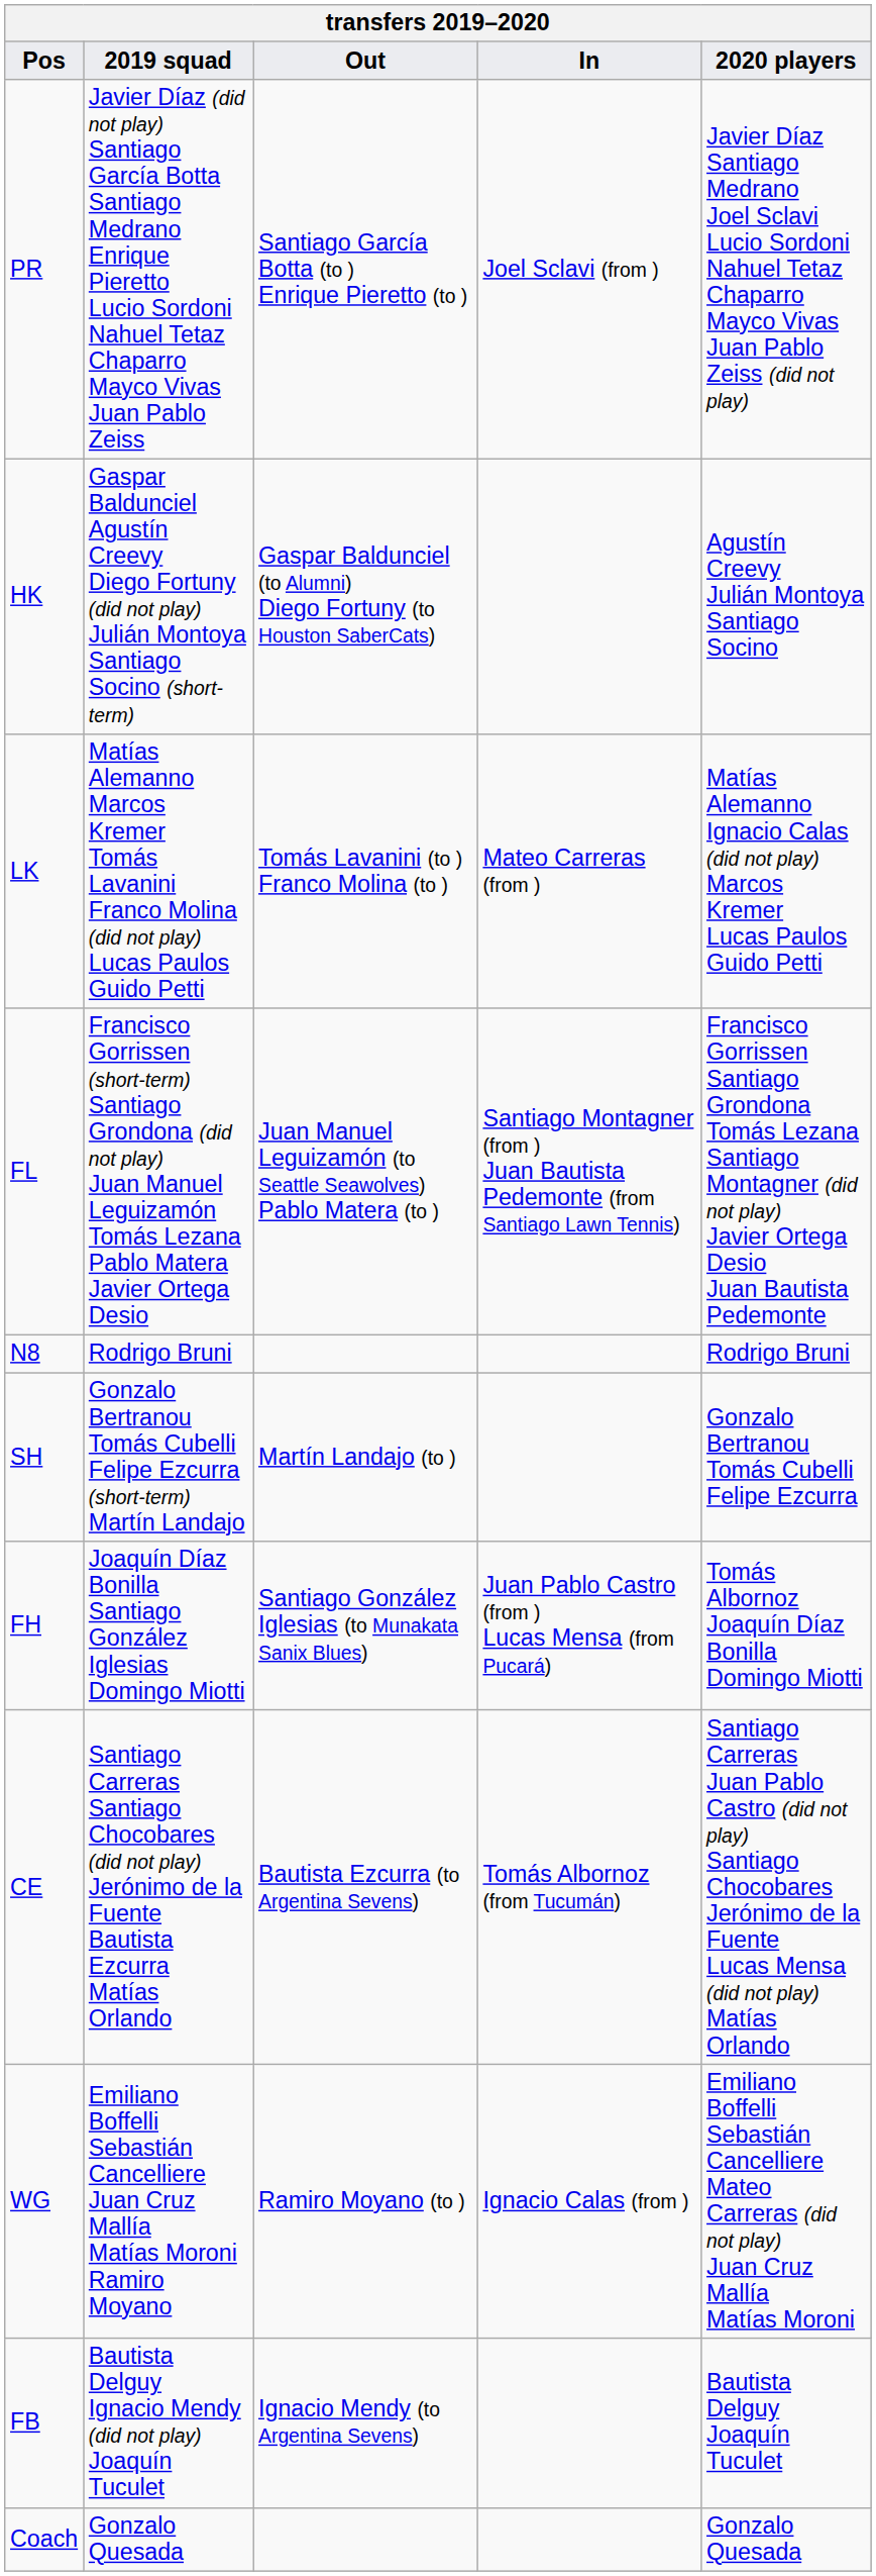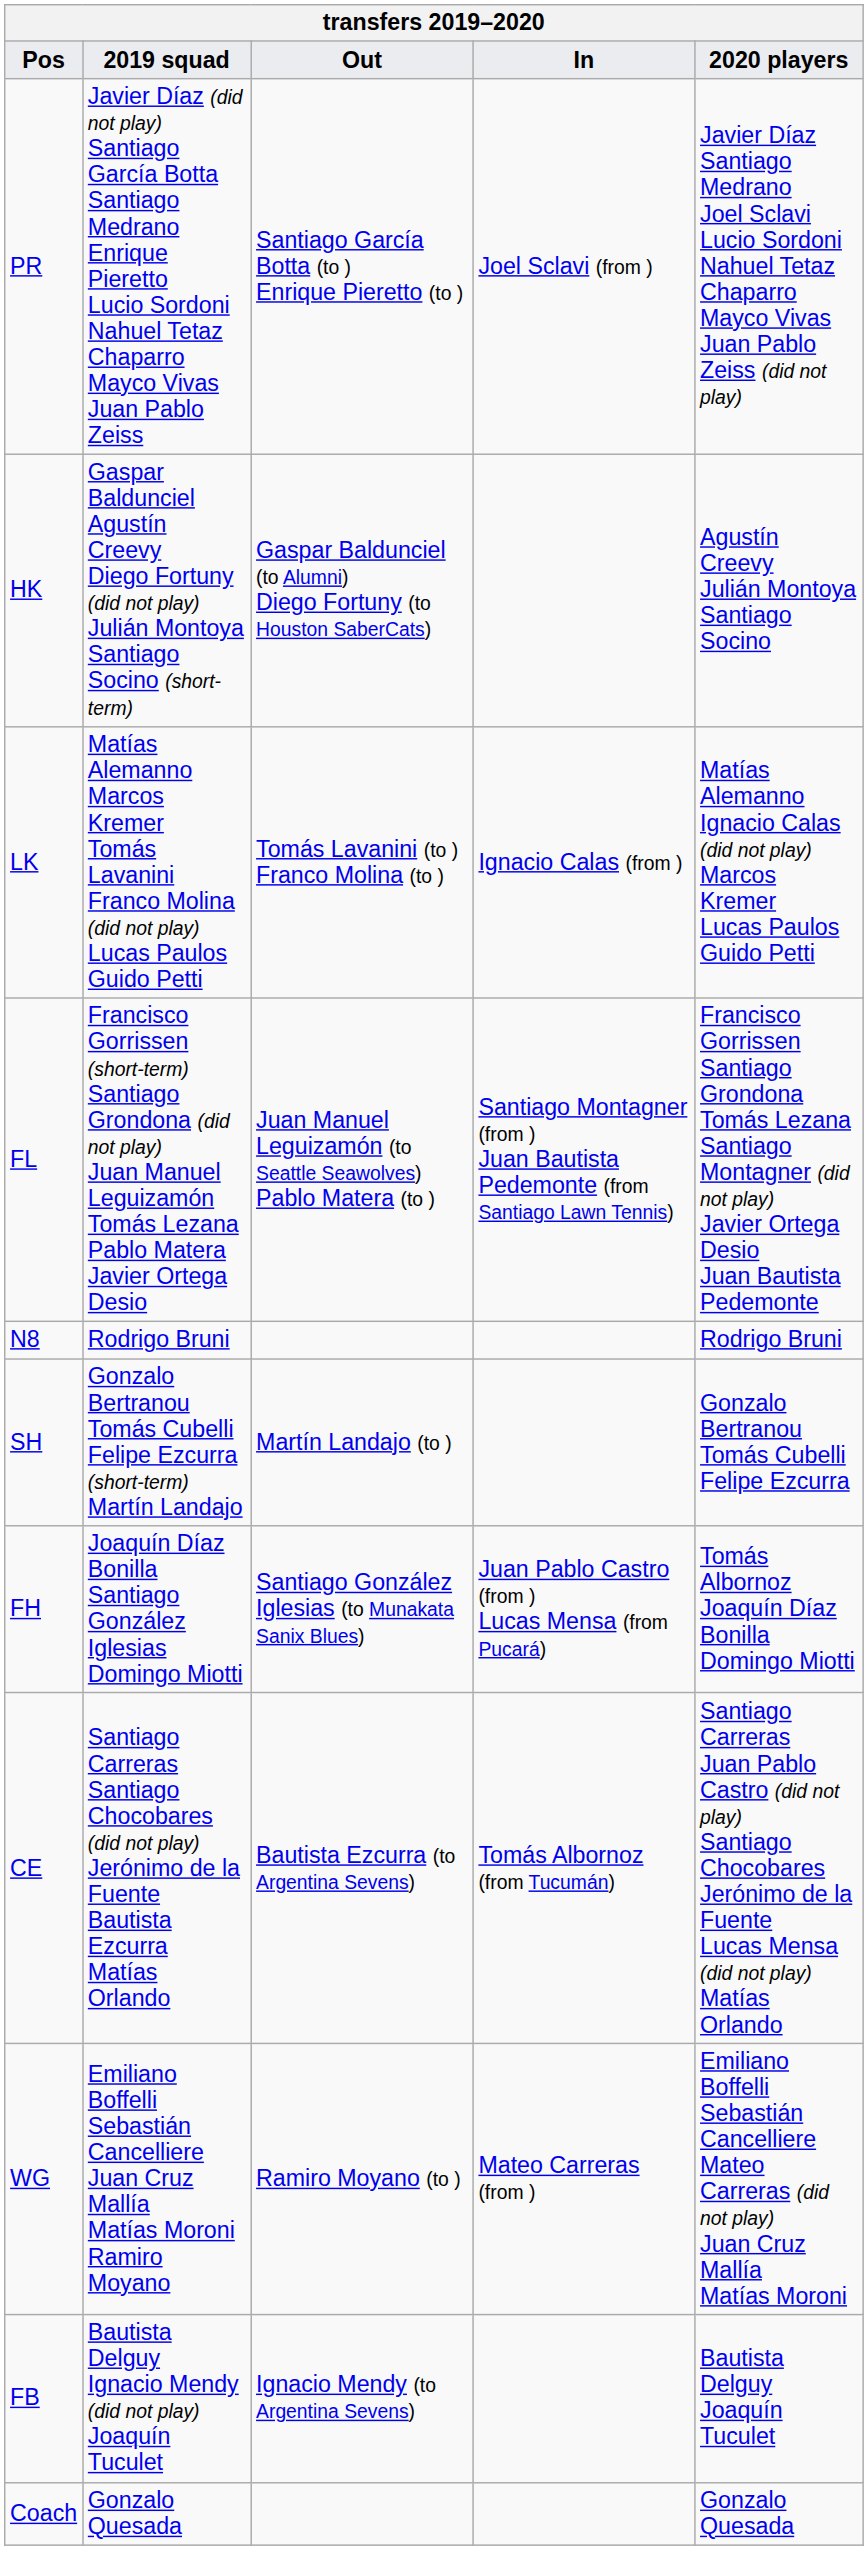 <table class="wikitable" style="text-align: left; width:95%">
 <tr>
 <th colspan="100%"> transfers 2019–2020</th>
 </tr>
 <tr>
 <th style="background:#ebecf0; width:6%;">Pos</th>
 <th style="background:#ebecf0; width:20%;">2019 squad</th>
 <th style="background:#ebecf0; width:27%;">Out</th>
 <th style="background:#ebecf0; width:27%;">In</th>
 <th style="background:#ebecf0; width:20%;">2020 players</th>
 </tr>
 <tr>
 <td><a href='#'>PR</a></td>
 <td> <a href='#'>Javier Díaz</a> <small><em>(did not play)</em></small> <br> <a href='#'>Santiago García Botta</a> <br> <a href='#'>Santiago Medrano</a> <br> <a href='#'>Enrique Pieretto</a> <br> <a href='#'>Lucio Sordoni</a> <br> <a href='#'>Nahuel Tetaz Chaparro</a> <br> <a href='#'>Mayco Vivas</a> <br> <a href='#'>Juan Pablo Zeiss</a></td>
 <td>  <a href='#'>Santiago García Botta</a> <small>(to )</small> <br>  <a href='#'>Enrique Pieretto</a> <small>(to )</small></td>
 <td>  <a href='#'>Joel Sclavi</a> <small>(from )</small></td>
 <td> <a href='#'>Javier Díaz</a> <br> <a href='#'>Santiago Medrano</a> <br> <a href='#'>Joel Sclavi</a> <br> <a href='#'>Lucio Sordoni</a> <br> <a href='#'>Nahuel Tetaz Chaparro</a> <br> <a href='#'>Mayco Vivas</a> <br> <a href='#'>Juan Pablo Zeiss</a> <small><em>(did not play)</em></small></td>
 </tr>
 <tr>
 <td><a href='#'>HK</a></td>
 <td> <a href='#'>Gaspar Baldunciel</a> <br> <a href='#'>Agustín Creevy</a> <br> <a href='#'>Diego Fortuny</a> <small><em>(did not play)</em></small> <br> <a href='#'>Julián Montoya</a> <br> <a href='#'>Santiago Socino</a> <small><em>(short-term)</em></small></td>
 <td>  <a href='#'>Gaspar Baldunciel</a> <small>(to <a href='#'>Alumni</a>)</small> <br>  <a href='#'>Diego Fortuny</a> <small>(to  <a href='#'>Houston SaberCats</a>)</small></td>
 <td></td>
 <td> <a href='#'>Agustín Creevy</a> <br> <a href='#'>Julián Montoya</a> <br> <a href='#'>Santiago Socino</a></td>
 </tr>
 <tr>
 <td><a href='#'>LK</a></td>
 <td> <a href='#'>Matías Alemanno</a> <br> <a href='#'>Marcos Kremer</a> <br> <a href='#'>Tomás Lavanini</a> <br> <a href='#'>Franco Molina</a> <small><em>(did not play)</em></small> <br> <a href='#'>Lucas Paulos</a> <br> <a href='#'>Guido Petti</a></td>
 <td>  <a href='#'>Tomás Lavanini</a> <small>(to )</small> <br>  <a href='#'>Franco Molina</a> <small>(to )</small></td>
-<td>  <a href='#'>Mateo Carreras</a> <small>(from )</small></td>
+<td>  <a href='#'>Ignacio Calas</a> <small>(from )</small></td>
 <td> <a href='#'>Matías Alemanno</a> <br> <a href='#'>Ignacio Calas</a> <small><em>(did not play)</em></small> <br> <a href='#'>Marcos Kremer</a> <br> <a href='#'>Lucas Paulos</a> <br> <a href='#'>Guido Petti</a></td>
 </tr>
 <tr>
 <td><a href='#'>FL</a></td>
 <td> <a href='#'>Francisco Gorrissen</a> <small><em>(short-term)</em></small> <br> <a href='#'>Santiago Grondona</a> <small><em>(did not play)</em></small> <br> <a href='#'>Juan Manuel Leguizamón</a> <br> <a href='#'>Tomás Lezana</a> <br> <a href='#'>Pablo Matera</a> <br> <a href='#'>Javier Ortega Desio</a></td>
 <td>  <a href='#'>Juan Manuel Leguizamón</a> <small>(to  <a href='#'>Seattle Seawolves</a>)</small> <br>  <a href='#'>Pablo Matera</a> <small>(to )</small></td>
 <td>  <a href='#'>Santiago Montagner</a> <small>(from )</small> <br>  <a href='#'>Juan Bautista Pedemonte</a> <small>(from <a href='#'>Santiago Lawn Tennis</a>)</small></td>
 <td> <a href='#'>Francisco Gorrissen</a> <br> <a href='#'>Santiago Grondona</a> <br> <a href='#'>Tomás Lezana</a> <br> <a href='#'>Santiago Montagner</a> <small><em>(did not play)</em></small> <br> <a href='#'>Javier Ortega Desio</a> <br> <a href='#'>Juan Bautista Pedemonte</a></td>
 </tr>
 <tr>
 <td><a href='#'>N8</a></td>
 <td> <a href='#'>Rodrigo Bruni</a></td>
 <td></td>
 <td></td>
 <td> <a href='#'>Rodrigo Bruni</a></td>
 </tr>
 <tr>
 <td><a href='#'>SH</a></td>
 <td> <a href='#'>Gonzalo Bertranou</a> <br> <a href='#'>Tomás Cubelli</a> <br> <a href='#'>Felipe Ezcurra</a> <small><em>(short-term)</em></small> <br> <a href='#'>Martín Landajo</a></td>
 <td>  <a href='#'>Martín Landajo</a> <small>(to )</small></td>
 <td></td>
 <td> <a href='#'>Gonzalo Bertranou</a> <br> <a href='#'>Tomás Cubelli</a> <br> <a href='#'>Felipe Ezcurra</a></td>
 </tr>
 <tr>
 <td><a href='#'>FH</a></td>
 <td> <a href='#'>Joaquín Díaz Bonilla</a> <br> <a href='#'>Santiago González Iglesias</a> <br> <a href='#'>Domingo Miotti</a></td>
 <td>  <a href='#'>Santiago González Iglesias</a> <small>(to  <a href='#'>Munakata Sanix Blues</a>)</small></td>
 <td>  <a href='#'>Juan Pablo Castro</a> <small>(from )</small> <br>  <a href='#'>Lucas Mensa</a> <small>(from <a href='#'>Pucará</a>)</small></td>
 <td> <a href='#'>Tomás Albornoz</a> <br> <a href='#'>Joaquín Díaz Bonilla</a> <br> <a href='#'>Domingo Miotti</a></td>
 </tr>
 <tr>
 <td><a href='#'>CE</a></td>
 <td> <a href='#'>Santiago Carreras</a> <br> <a href='#'>Santiago Chocobares</a> <small><em>(did not play)</em></small> <br> <a href='#'>Jerónimo de la Fuente</a> <br> <a href='#'>Bautista Ezcurra</a> <br> <a href='#'>Matías Orlando</a></td>
 <td>  <a href='#'>Bautista Ezcurra</a> <small>(to <a href='#'>Argentina Sevens</a>)</small></td>
 <td>  <a href='#'>Tomás Albornoz</a> <small>(from <a href='#'>Tucumán</a>)</small></td>
 <td> <a href='#'>Santiago Carreras</a> <br> <a href='#'>Juan Pablo Castro</a> <small><em>(did not play)</em></small><br> <a href='#'>Santiago Chocobares</a> <br> <a href='#'>Jerónimo de la Fuente</a> <br> <a href='#'>Lucas Mensa</a> <small><em>(did not play)</em></small> <br> <a href='#'>Matías Orlando</a></td>
 </tr>
 <tr>
 <td><a href='#'>WG</a></td>
 <td> <a href='#'>Emiliano Boffelli</a> <br> <a href='#'>Sebastián Cancelliere</a> <br> <a href='#'>Juan Cruz Mallía</a> <br> <a href='#'>Matías Moroni</a> <br> <a href='#'>Ramiro Moyano</a></td>
 <td>  <a href='#'>Ramiro Moyano</a> <small>(to )</small></td>
-<td>  <a href='#'>Ignacio Calas</a> <small>(from )</small></td>
+<td>  <a href='#'>Mateo Carreras</a> <small>(from )</small></td>
 <td> <a href='#'>Emiliano Boffelli</a> <br> <a href='#'>Sebastián Cancelliere</a> <br> <a href='#'>Mateo Carreras</a> <small><em>(did not play)</em></small> <br> <a href='#'>Juan Cruz Mallía</a> <br> <a href='#'>Matías Moroni</a></td>
 </tr>
 <tr>
 <td><a href='#'>FB</a></td>
 <td> <a href='#'>Bautista Delguy</a> <br> <a href='#'>Ignacio Mendy</a> <small><em>(did not play)</em></small> <br> <a href='#'>Joaquín Tuculet</a></td>
 <td>  <a href='#'>Ignacio Mendy</a> <small>(to <a href='#'>Argentina Sevens</a>)</small></td>
 <td></td>
 <td> <a href='#'>Bautista Delguy</a> <br> <a href='#'>Joaquín Tuculet</a></td>
 </tr>
 <tr>
 <td><a href='#'>Coach</a></td>
 <td> <a href='#'>Gonzalo Quesada</a></td>
 <td></td>
 <td></td>
 <td> <a href='#'>Gonzalo Quesada</a></td>
 </tr>
 </table>
